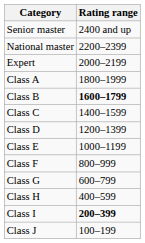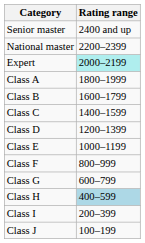 <table class="wikitable">
 <tr>
 <th>Category</th>
 <th>Rating range</th>
 </tr>
 <tr>
 <td>Senior master</td>
 <td>2400 and up</td>
 </tr>
 <tr>
 <td>National master</td>
 <td>2200–2399</td>
 </tr>
 <tr>
 <td>Expert</td>
-<td>2000–2199</td>
+<td style="background: paleturquoise;">2000–2199</td>
 </tr>
 <tr>
 <td>Class A</td>
 <td>1800–1999</td>
 </tr>
 <tr>
 <td>Class B</td>
-<td><strong>1600–1799</strong></td>
+<td>1600–1799</td>
 </tr>
 <tr>
 <td>Class C</td>
 <td>1400–1599</td>
 </tr>
 <tr>
 <td>Class D</td>
 <td>1200–1399</td>
 </tr>
 <tr>
 <td>Class E</td>
 <td>1000–1199</td>
 </tr>
 <tr>
 <td>Class F</td>
 <td>800–999</td>
 </tr>
 <tr>
 <td>Class G</td>
 <td>600–799</td>
 </tr>
 <tr>
 <td>Class H</td>
-<td>400–599</td>
+<td style="background: lightblue;">400–599</td>
 </tr>
 <tr>
 <td>Class I</td>
-<td><strong>200–399</strong></td>
+<td>200–399</td>
 </tr>
 <tr>
 <td>Class J</td>
 <td>100–199</td>
 </tr>
 </table>
